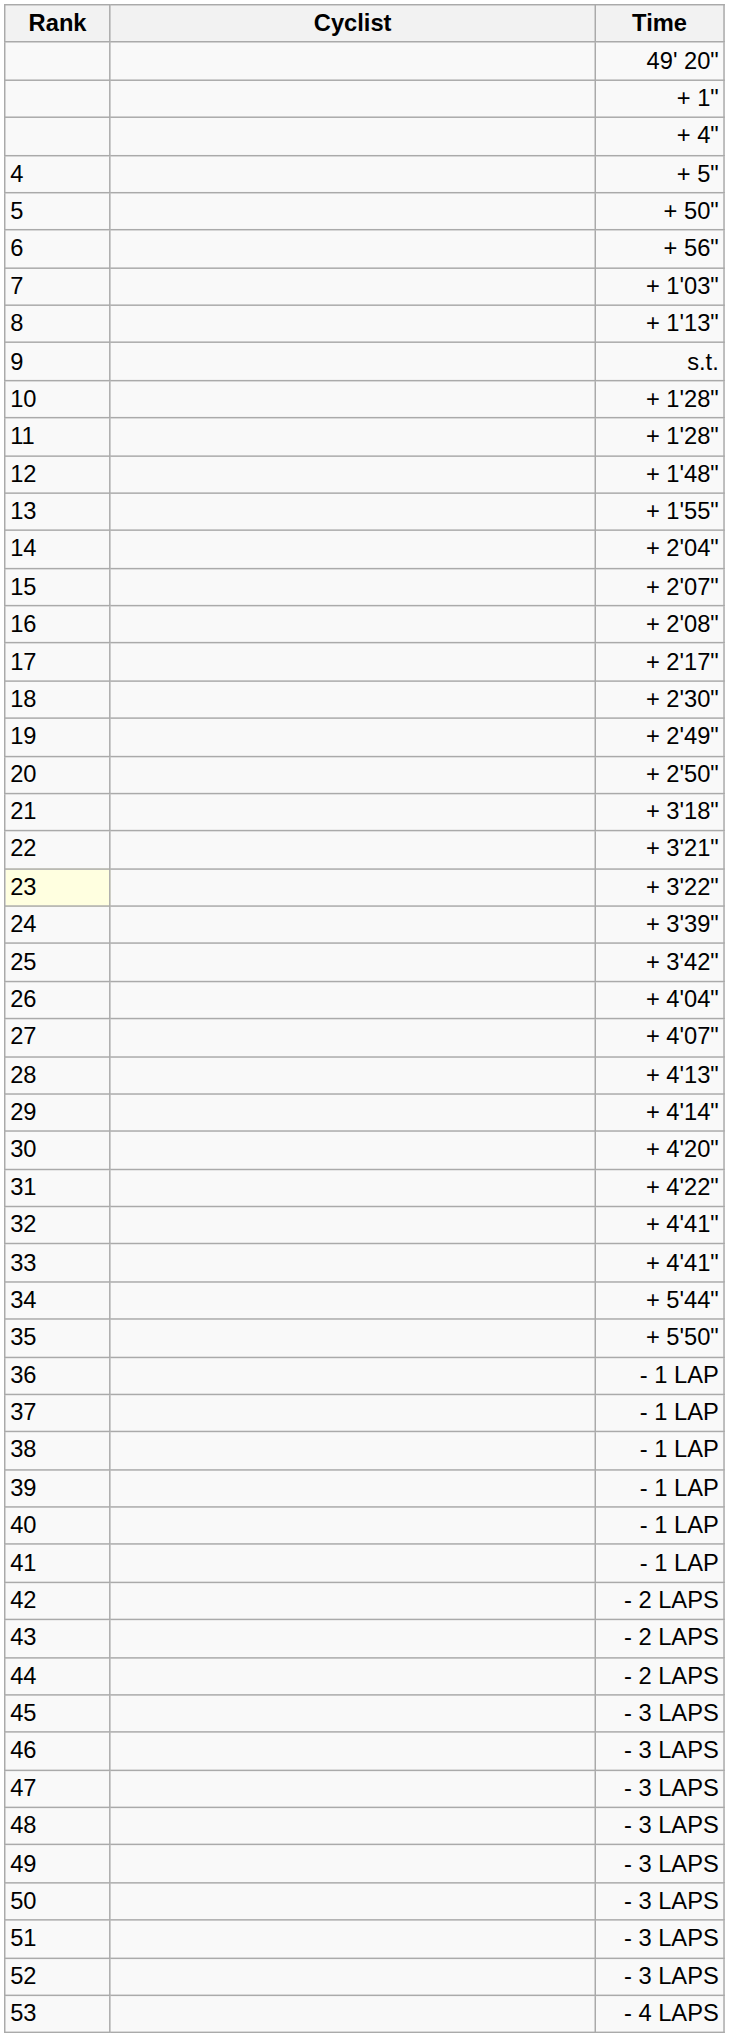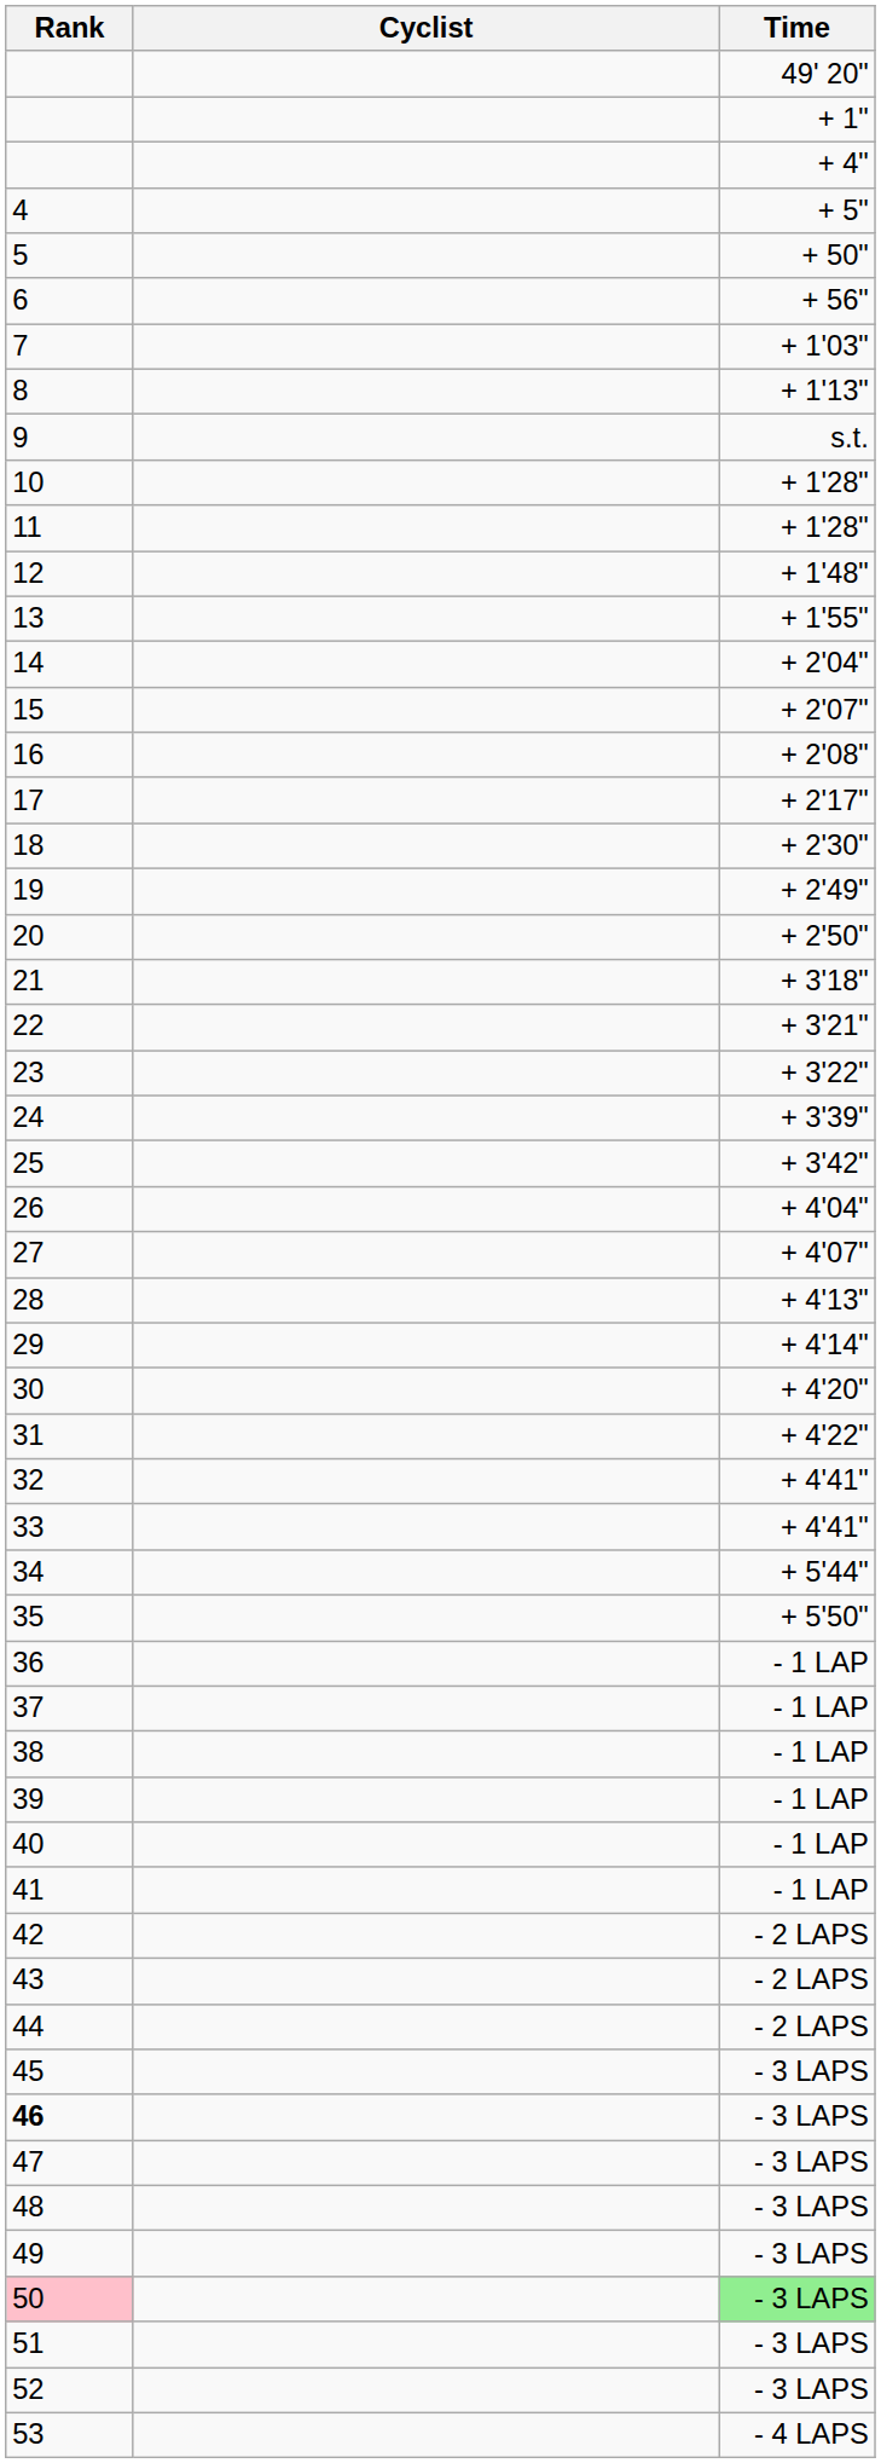 <table class="wikitable">
 <tr>
 <th style="width: 4em;">Rank</th>
 <th style="width: 20em;">Cyclist</th>
 <th style="width: 5em;">Time</th>
 </tr>
 <tr>
 <td></td>
 <td></td>
 <td align="right">49' 20"</td>
 </tr>
 <tr>
 <td></td>
 <td></td>
 <td align="right">+ 1"</td>
 </tr>
 <tr>
 <td></td>
 <td></td>
 <td align="right">+ 4"</td>
 </tr>
 <tr>
 <td>4</td>
 <td></td>
 <td align="right">+ 5"</td>
 </tr>
 <tr>
 <td>5</td>
 <td></td>
 <td align="right">+ 50"</td>
 </tr>
 <tr>
 <td>6</td>
 <td></td>
 <td align="right">+ 56"</td>
 </tr>
 <tr>
 <td>7</td>
 <td></td>
 <td align="right">+ 1'03"</td>
 </tr>
 <tr>
 <td>8</td>
 <td></td>
 <td align="right">+ 1'13"</td>
 </tr>
 <tr>
 <td>9</td>
 <td></td>
 <td align="right">s.t.</td>
 </tr>
 <tr>
 <td>10</td>
 <td></td>
 <td align="right">+ 1'28"</td>
 </tr>
 <tr>
 <td>11</td>
 <td></td>
 <td align="right">+ 1'28"</td>
 </tr>
 <tr>
 <td>12</td>
 <td></td>
 <td align="right">+ 1'48"</td>
 </tr>
 <tr>
 <td>13</td>
 <td></td>
 <td align="right">+ 1'55"</td>
 </tr>
 <tr>
 <td>14</td>
 <td></td>
 <td align="right">+ 2'04"</td>
 </tr>
 <tr>
 <td>15</td>
 <td></td>
 <td align="right">+ 2'07"</td>
 </tr>
 <tr>
 <td>16</td>
 <td></td>
 <td align="right">+ 2'08"</td>
 </tr>
 <tr>
 <td>17</td>
 <td></td>
 <td align="right">+ 2'17"</td>
 </tr>
 <tr>
 <td>18</td>
 <td></td>
 <td align="right">+ 2'30"</td>
 </tr>
 <tr>
 <td>19</td>
 <td></td>
 <td align="right">+ 2'49"</td>
 </tr>
 <tr>
 <td>20</td>
 <td></td>
 <td align="right">+ 2'50"</td>
 </tr>
 <tr>
 <td>21</td>
 <td></td>
 <td align="right">+ 3'18"</td>
 </tr>
 <tr>
 <td>22</td>
 <td></td>
 <td align="right">+ 3'21"</td>
 </tr>
 <tr>
-<td style="background: lightyellow;">23</td>
+<td>23</td>
 <td></td>
 <td align="right">+ 3'22"</td>
 </tr>
 <tr>
 <td>24</td>
 <td></td>
 <td align="right">+ 3'39"</td>
 </tr>
 <tr>
 <td>25</td>
 <td></td>
 <td align="right">+ 3'42"</td>
 </tr>
 <tr>
 <td>26</td>
 <td></td>
 <td align="right">+ 4'04"</td>
 </tr>
 <tr>
 <td>27</td>
 <td></td>
 <td align="right">+ 4'07"</td>
 </tr>
 <tr>
 <td>28</td>
 <td></td>
 <td align="right">+ 4'13"</td>
 </tr>
 <tr>
 <td>29</td>
 <td></td>
 <td align="right">+ 4'14"</td>
 </tr>
 <tr>
 <td>30</td>
 <td></td>
 <td align="right">+ 4'20"</td>
 </tr>
 <tr>
 <td>31</td>
 <td></td>
 <td align="right">+ 4'22"</td>
 </tr>
 <tr>
 <td>32</td>
 <td></td>
 <td align="right">+ 4'41"</td>
 </tr>
 <tr>
 <td>33</td>
 <td></td>
 <td align="right">+ 4'41"</td>
 </tr>
 <tr>
 <td>34</td>
 <td></td>
 <td align="right">+ 5'44"</td>
 </tr>
 <tr>
 <td>35</td>
 <td></td>
 <td align="right">+ 5'50"</td>
 </tr>
 <tr>
 <td>36</td>
 <td></td>
 <td align="right">- 1 LAP</td>
 </tr>
 <tr>
 <td>37</td>
 <td></td>
 <td align="right">- 1 LAP</td>
 </tr>
 <tr>
 <td>38</td>
 <td></td>
 <td align="right">- 1 LAP</td>
 </tr>
 <tr>
 <td>39</td>
 <td></td>
 <td align="right">- 1 LAP</td>
 </tr>
 <tr>
 <td>40</td>
 <td></td>
 <td align="right">- 1 LAP</td>
 </tr>
 <tr>
 <td>41</td>
 <td></td>
 <td align="right">- 1 LAP</td>
 </tr>
 <tr>
 <td>42</td>
 <td></td>
 <td align="right">- 2 LAPS</td>
 </tr>
 <tr>
 <td>43</td>
 <td></td>
 <td align="right">- 2 LAPS</td>
 </tr>
 <tr>
 <td>44</td>
 <td></td>
 <td align="right">- 2 LAPS</td>
 </tr>
 <tr>
 <td>45</td>
 <td></td>
 <td align="right">- 3 LAPS</td>
 </tr>
 <tr>
-<td>46</td>
+<td><strong>46</strong></td>
 <td></td>
 <td align="right">- 3 LAPS</td>
 </tr>
 <tr>
 <td>47</td>
 <td></td>
 <td align="right">- 3 LAPS</td>
 </tr>
 <tr>
 <td>48</td>
 <td></td>
 <td align="right">- 3 LAPS</td>
 </tr>
 <tr>
 <td>49</td>
 <td></td>
 <td align="right">- 3 LAPS</td>
 </tr>
 <tr>
-<td>50</td>
+<td style="background: pink;">50</td>
 <td></td>
-<td align="right">- 3 LAPS</td>
+<td align="right" style="background: lightgreen;">- 3 LAPS</td>
 </tr>
 <tr>
 <td>51</td>
 <td></td>
 <td align="right">- 3 LAPS</td>
 </tr>
 <tr>
 <td>52</td>
 <td></td>
 <td align="right">- 3 LAPS</td>
 </tr>
 <tr>
 <td>53</td>
 <td></td>
 <td align="right">- 4 LAPS</td>
 </tr>
 </table>
